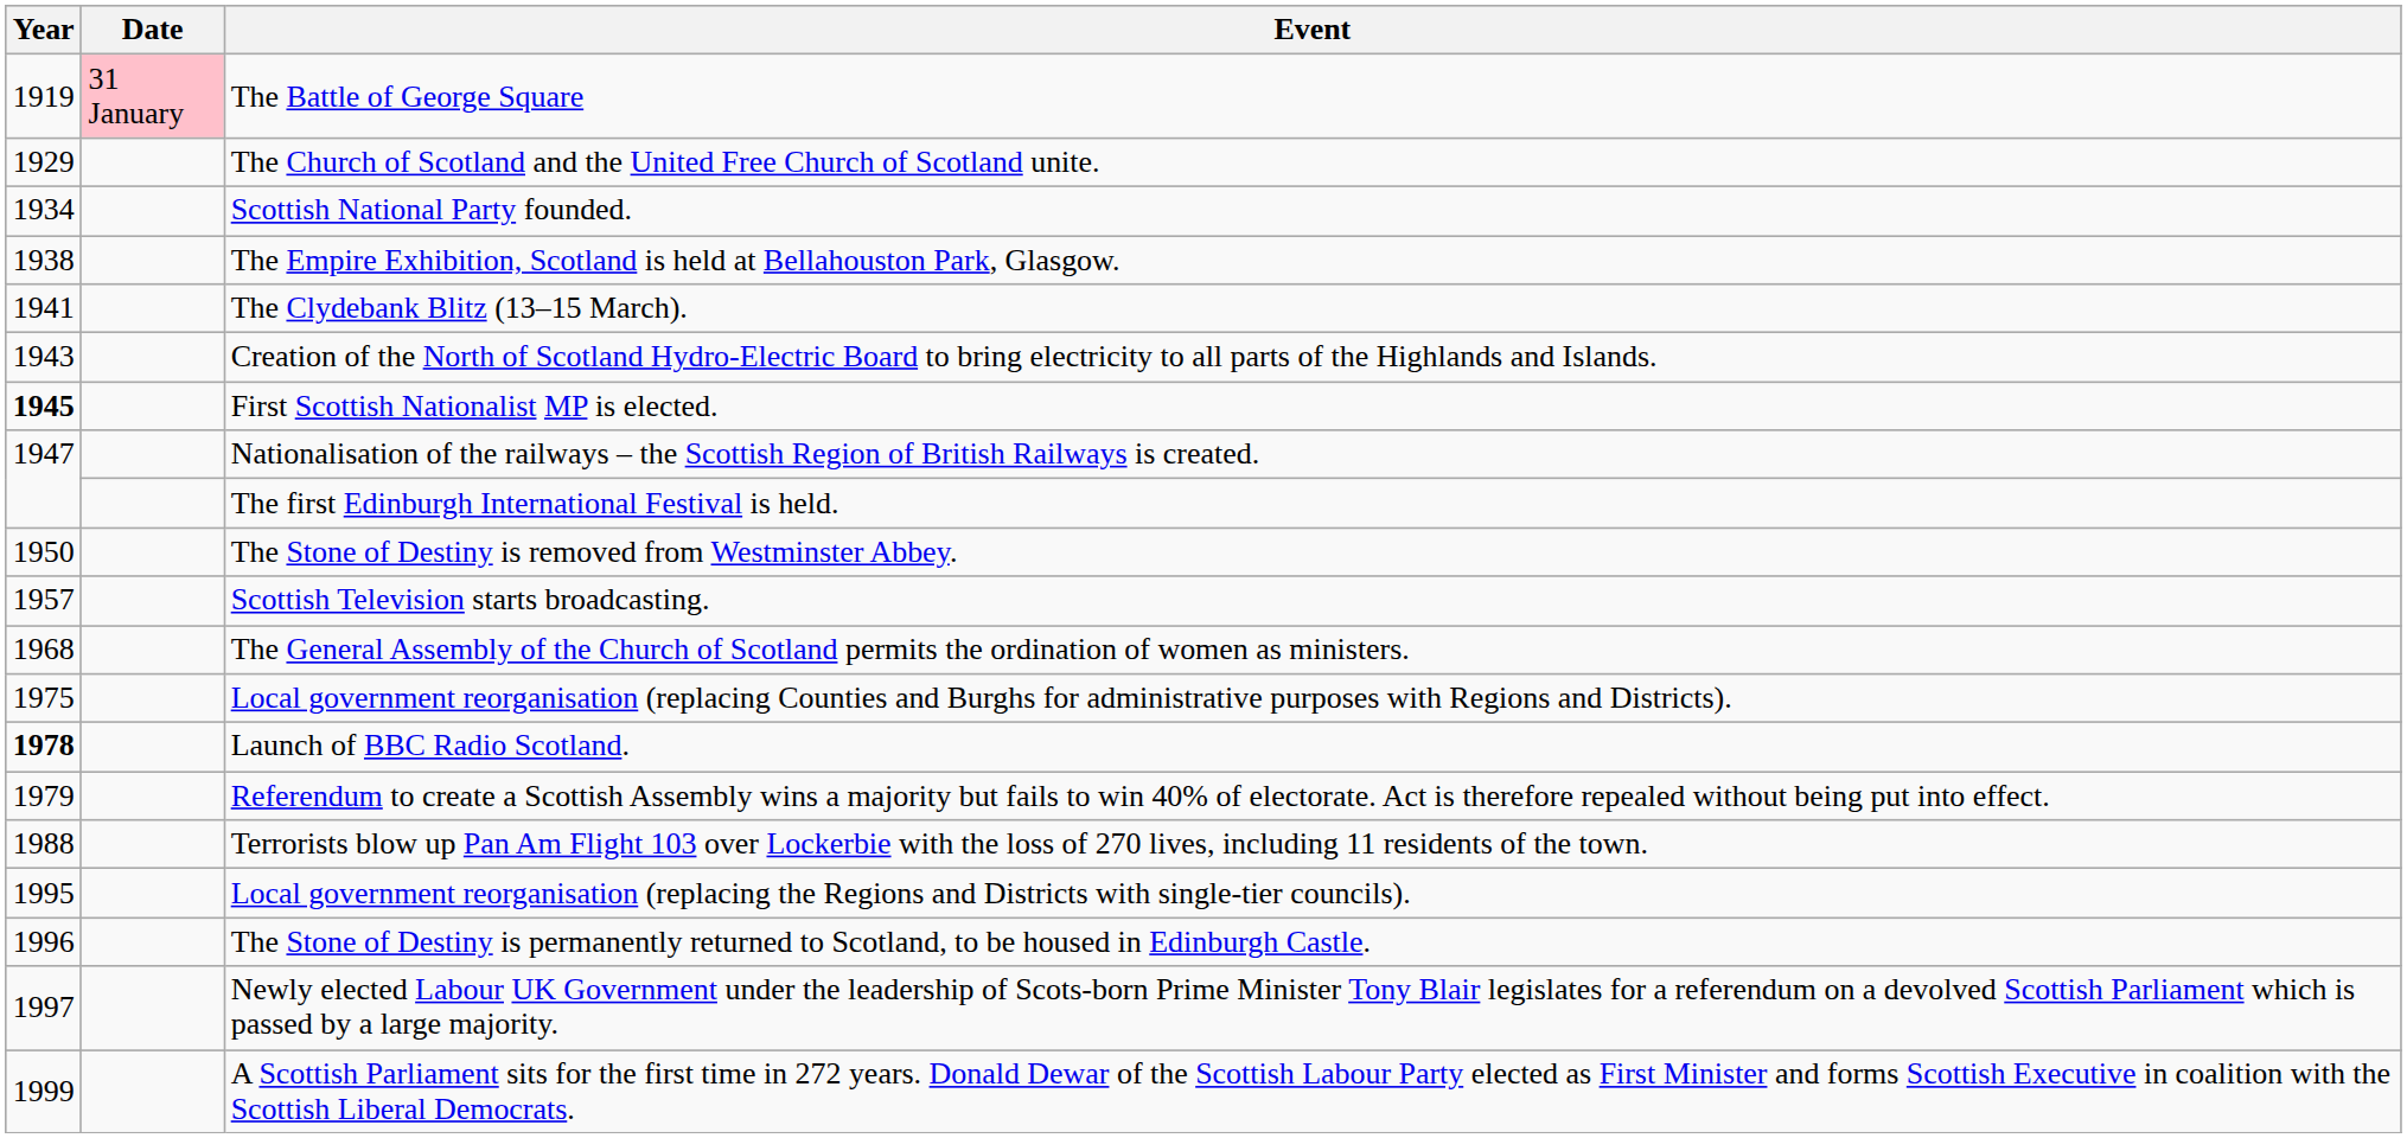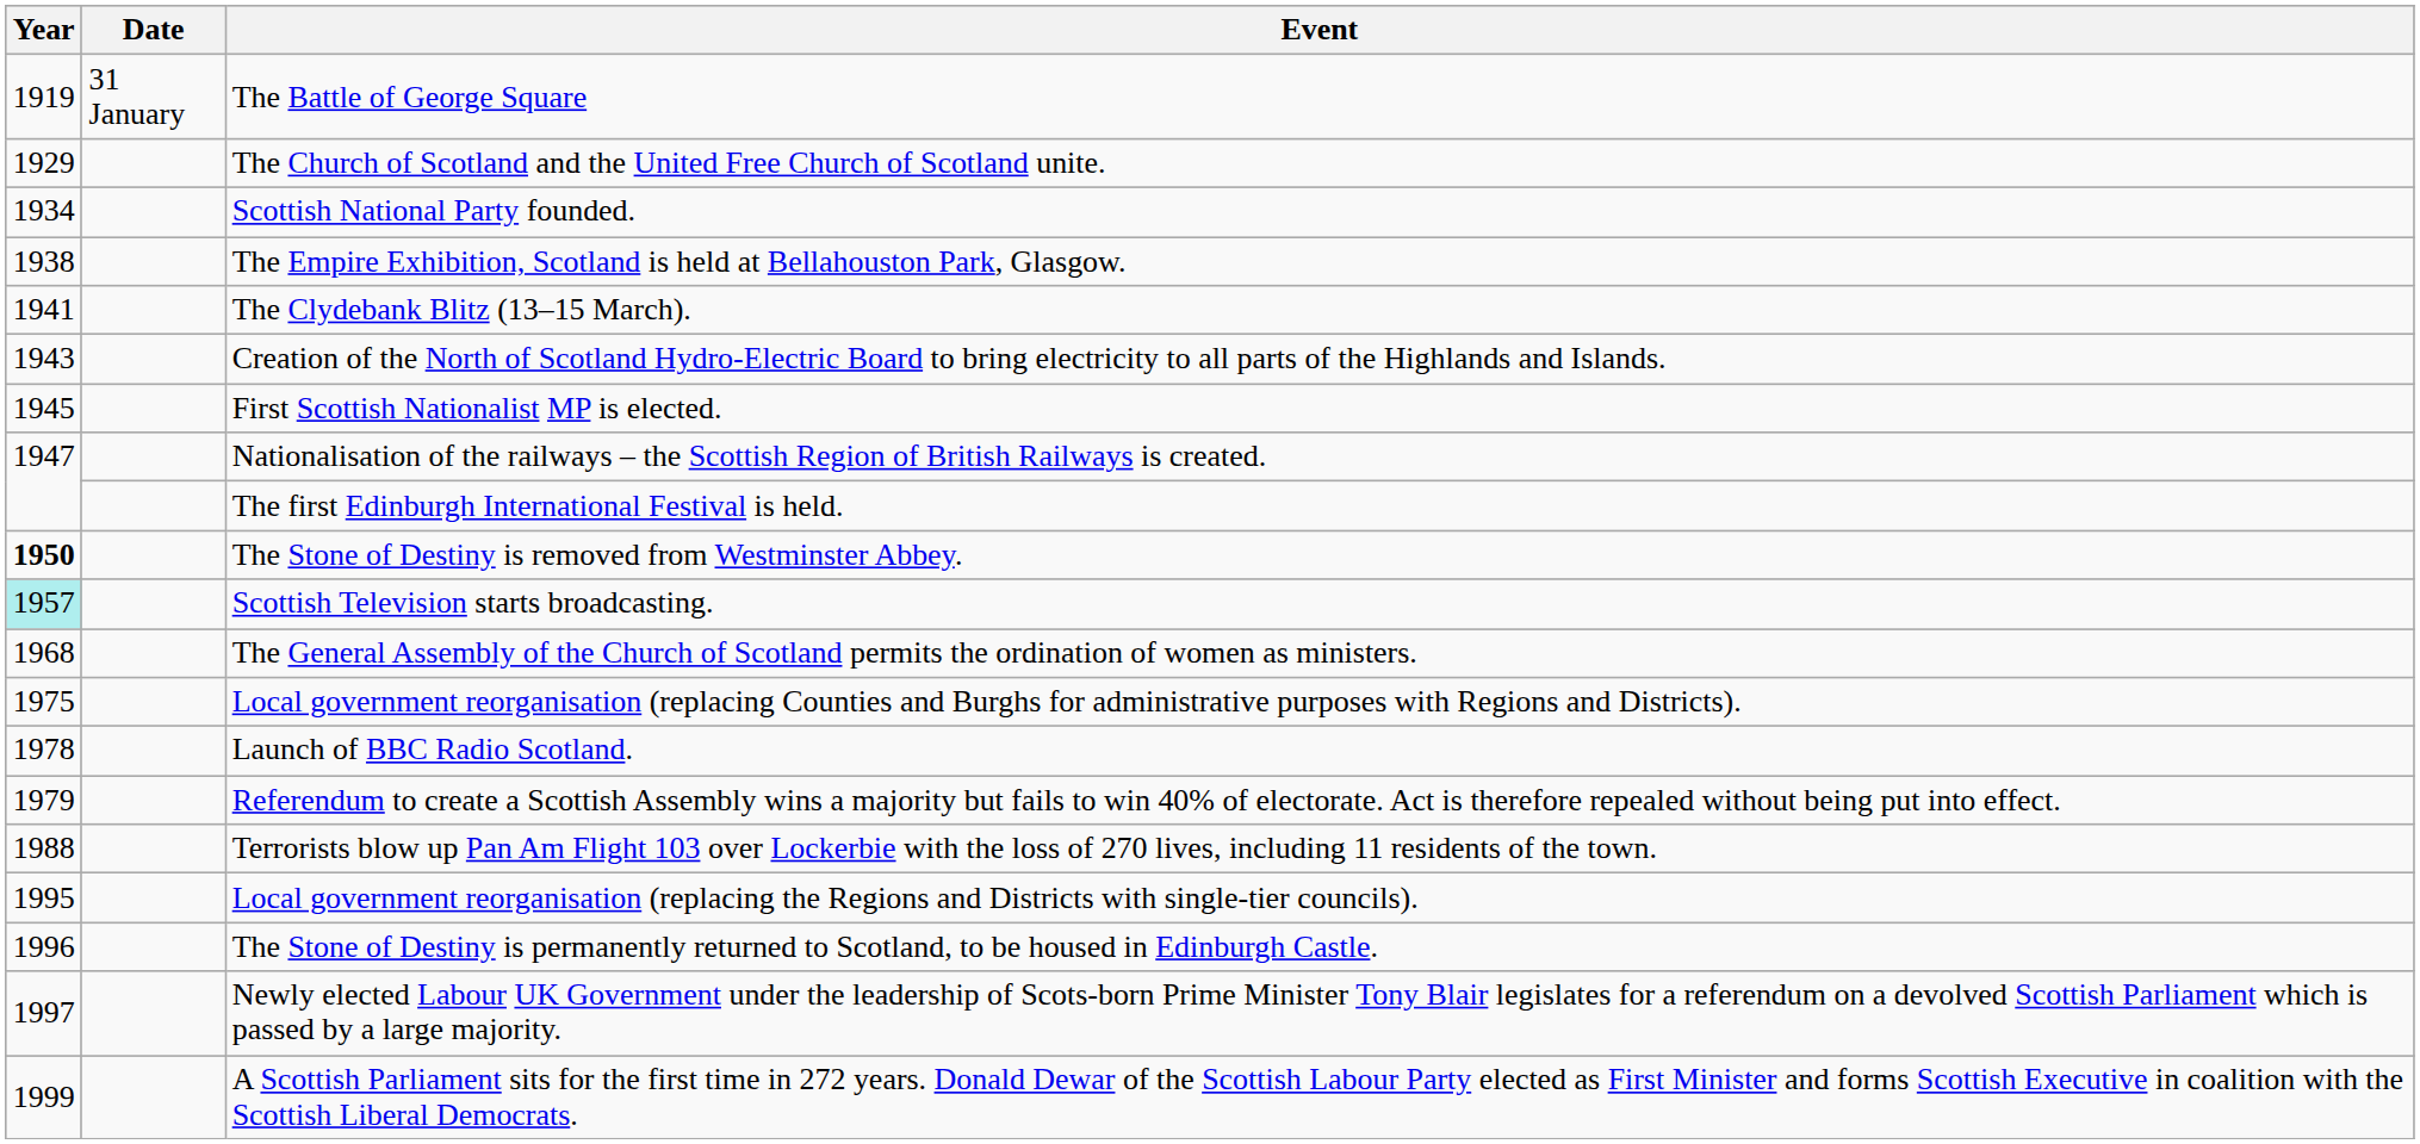 <table class="wikitable">
 <tr>
 <th style="width:6en">Year</th>
 <th>Date</th>
 <th>Event</th>
 </tr>
 <tr>
 <td>1919</td>
-<td style="background: pink;">31 January</td>
+<td>31 January</td>
 <td>The <a href='#'>Battle of George Square</a></td>
 </tr>
 <tr>
 <td>1929</td>
 <td></td>
 <td>The <a href='#'>Church of Scotland</a> and the <a href='#'>United Free Church of Scotland</a> unite.</td>
 </tr>
 <tr>
 <td>1934</td>
 <td></td>
 <td><a href='#'>Scottish National Party</a> founded.</td>
 </tr>
 <tr>
 <td>1938</td>
 <td></td>
 <td>The <a href='#'>Empire Exhibition, Scotland</a> is held at <a href='#'>Bellahouston Park</a>, Glasgow.</td>
 </tr>
 <tr>
 <td>1941</td>
 <td></td>
 <td>The <a href='#'>Clydebank Blitz</a> (13–15 March).</td>
 </tr>
 <tr>
 <td>1943</td>
 <td></td>
 <td>Creation of the <a href='#'>North of Scotland Hydro-Electric Board</a> to bring electricity to all parts of the Highlands and Islands.</td>
 </tr>
 <tr>
-<td><strong>1945</strong></td>
+<td>1945</td>
 <td></td>
 <td>First <a href='#'>Scottish Nationalist</a> <a href='#'>MP</a> is elected.</td>
 </tr>
 <tr>
 <td rowspan="2" valign="top">1947</td>
 <td></td>
 <td>Nationalisation of the railways – the <a href='#'>Scottish Region of British Railways</a> is created.</td>
 </tr>
 <tr>
 <td></td>
 <td>The first <a href='#'>Edinburgh International Festival</a> is held.</td>
 </tr>
 <tr>
-<td>1950</td>
+<td><strong>1950</strong></td>
 <td></td>
 <td>The <a href='#'>Stone of Destiny</a> is removed from <a href='#'>Westminster Abbey</a>.</td>
 </tr>
 <tr>
-<td>1957</td>
+<td style="background: paleturquoise;">1957</td>
 <td></td>
 <td><a href='#'>Scottish Television</a> starts broadcasting.</td>
 </tr>
 <tr>
 <td>1968</td>
 <td></td>
 <td>The <a href='#'>General Assembly of the Church of Scotland</a> permits the ordination of women as ministers.</td>
 </tr>
 <tr>
 <td>1975</td>
 <td></td>
 <td><a href='#'>Local government reorganisation</a> (replacing Counties and Burghs for administrative purposes with Regions and Districts).</td>
 </tr>
 <tr>
-<td><strong>1978</strong></td>
+<td>1978</td>
 <td></td>
 <td>Launch of <a href='#'>BBC Radio Scotland</a>.</td>
 </tr>
 <tr>
 <td>1979</td>
 <td></td>
 <td><a href='#'>Referendum</a> to create a Scottish Assembly wins a majority but fails to win 40% of electorate. Act is therefore repealed without being put into effect.</td>
 </tr>
 <tr>
 <td>1988</td>
 <td></td>
 <td>Terrorists blow up <a href='#'>Pan Am Flight 103</a> over <a href='#'>Lockerbie</a> with the loss of 270 lives, including 11 residents of the town.</td>
 </tr>
 <tr>
 <td>1995</td>
 <td></td>
 <td><a href='#'>Local government reorganisation</a> (replacing the Regions and Districts with single-tier councils).</td>
 </tr>
 <tr>
 <td>1996</td>
 <td></td>
 <td>The <a href='#'>Stone of Destiny</a> is permanently returned to Scotland, to be housed in <a href='#'>Edinburgh Castle</a>.</td>
 </tr>
 <tr>
 <td>1997</td>
 <td></td>
 <td>Newly elected <a href='#'>Labour</a> <a href='#'>UK Government</a> under the leadership of Scots-born Prime Minister <a href='#'>Tony Blair</a> legislates for a referendum on a devolved <a href='#'>Scottish Parliament</a> which is passed by a large majority.</td>
 </tr>
 <tr>
 <td>1999</td>
 <td></td>
 <td>A <a href='#'>Scottish Parliament</a> sits for the first time in 272 years. <a href='#'>Donald Dewar</a> of the <a href='#'>Scottish Labour Party</a> elected as <a href='#'>First Minister</a> and forms <a href='#'>Scottish Executive</a> in coalition with the <a href='#'>Scottish Liberal Democrats</a>.</td>
 </tr>
 </table>
